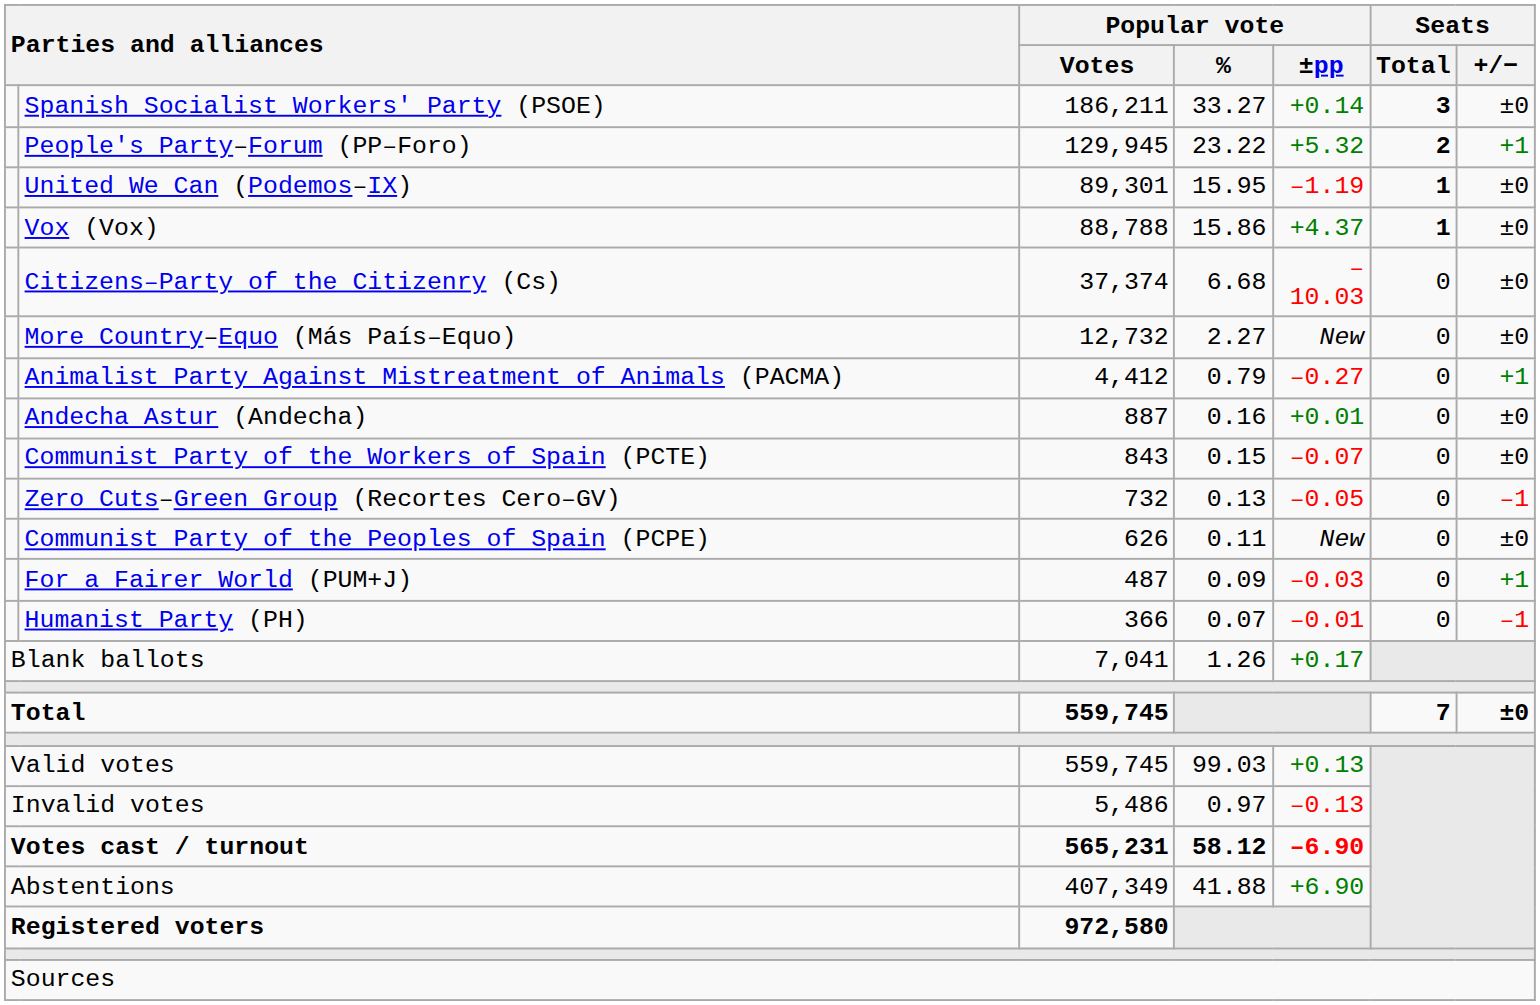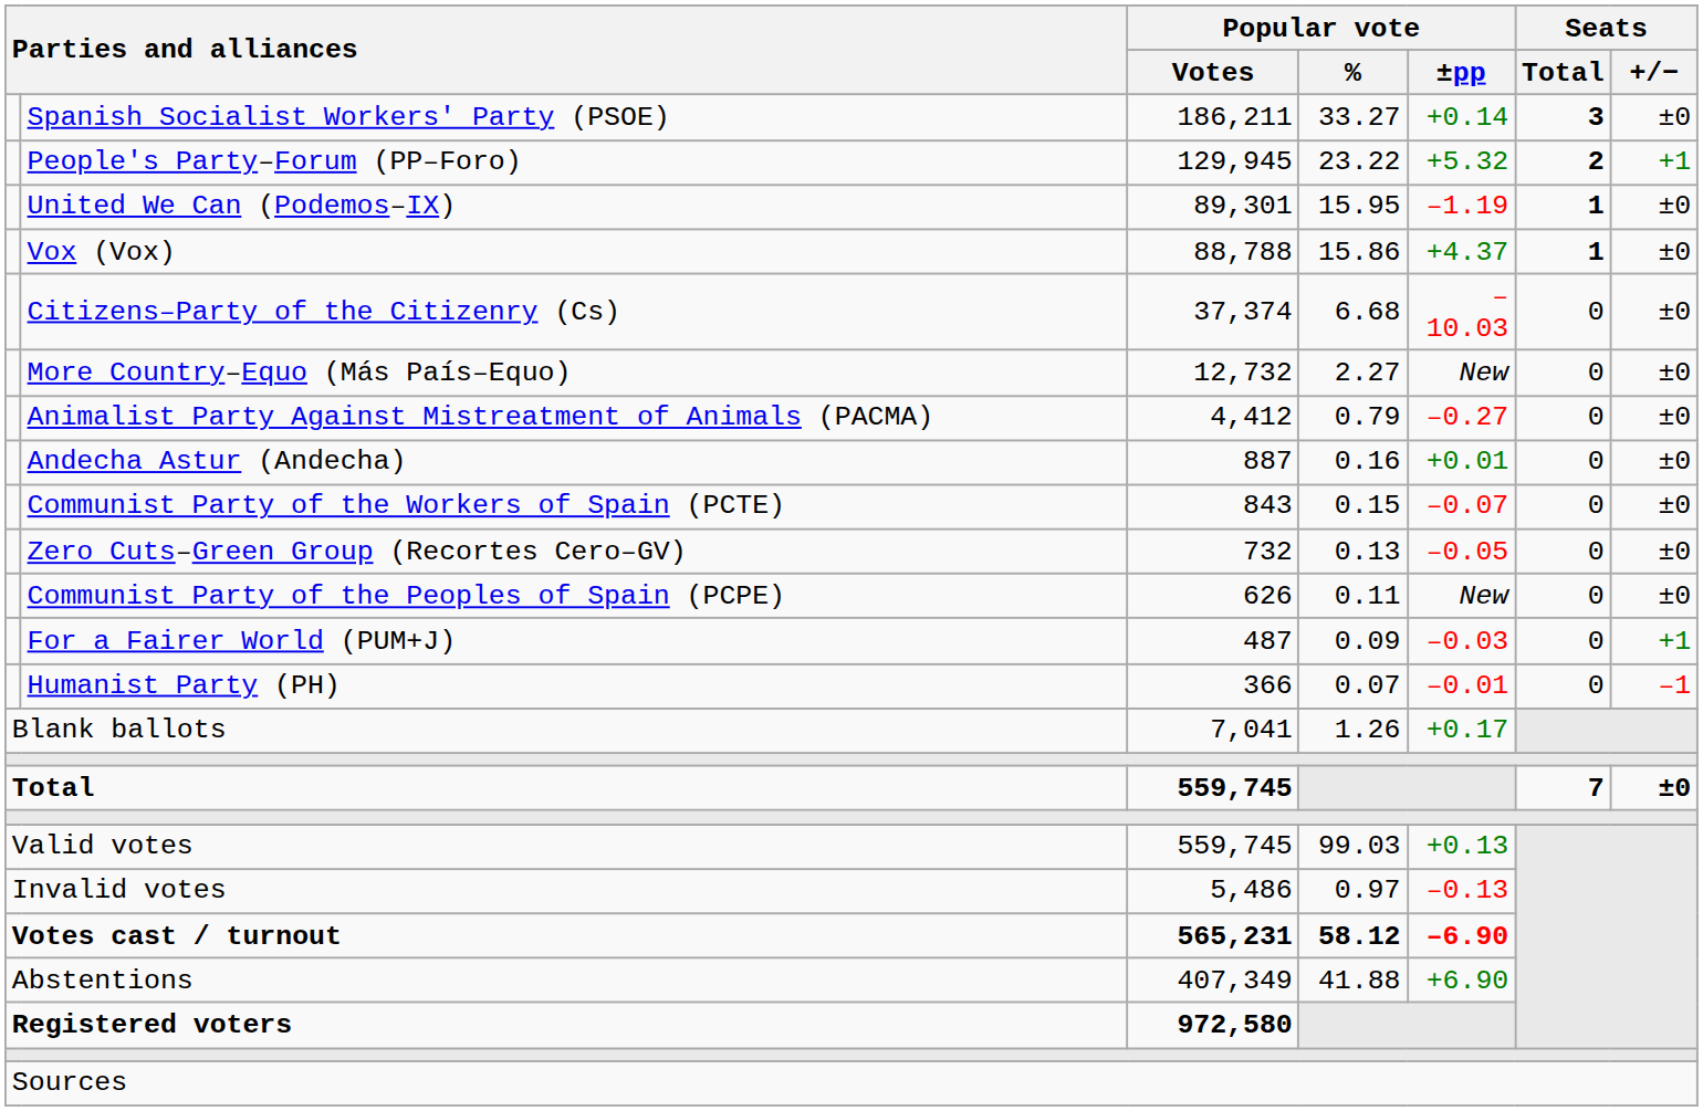 <table class="wikitable" style="text-align:right;">
 <tr>
 <th style="text-align:left;" rowspan="2" colspan="2" width="525">Parties and alliances</th>
 <th colspan="3">Popular vote</th>
 <th colspan="2">Seats</th>
 </tr>
 <tr>
 <th width="75">Votes</th>
 <th width="45">%</th>
 <th width="45">±<a href='#'>pp</a></th>
 <th width="35">Total</th>
 <th width="35">+/−</th>
 </tr>
 <tr>
 <td width="1" style="color:inherit;background:"></td>
 <td align="left"><a href='#'>Spanish Socialist Workers' Party</a> (PSOE)</td>
 <td>186,211</td>
 <td>33.27</td>
 <td style="color:green;">+0.14</td>
 <td><strong>3</strong></td>
 <td>±0</td>
 </tr>
 <tr>
 <td style="color:inherit;background:"></td>
 <td align="left"><a href='#'>People's Party</a>–<a href='#'>Forum</a> (PP–Foro)</td>
 <td>129,945</td>
 <td>23.22</td>
 <td style="color:green;">+5.32</td>
 <td><strong>2</strong></td>
 <td style="color:green;">+1</td>
 </tr>
 <tr>
 <td style="color:inherit;background:"></td>
 <td align="left"><a href='#'>United We Can</a> (<a href='#'>Podemos</a>–<a href='#'>IX</a>)</td>
 <td>89,301</td>
 <td>15.95</td>
 <td style="color:red;">–1.19</td>
 <td><strong>1</strong></td>
 <td>±0</td>
 </tr>
 <tr>
 <td style="color:inherit;background:"></td>
 <td align="left"><a href='#'>Vox</a> (Vox)</td>
 <td>88,788</td>
 <td>15.86</td>
 <td style="color:green;">+4.37</td>
 <td><strong>1</strong></td>
 <td>±0</td>
 </tr>
 <tr>
 <td style="color:inherit;background:"></td>
 <td align="left"><a href='#'>Citizens–Party of the Citizenry</a> (Cs)</td>
 <td>37,374</td>
 <td>6.68</td>
 <td style="color:red;">–10.03</td>
 <td>0</td>
 <td>±0</td>
 </tr>
 <tr>
 <td style="color:inherit;background:"></td>
 <td align="left"><a href='#'>More Country</a>–<a href='#'>Equo</a> (Más País–Equo)</td>
 <td>12,732</td>
 <td>2.27</td>
 <td><em>New</em></td>
 <td>0</td>
 <td>±0</td>
 </tr>
 <tr>
 <td style="color:inherit;background:"></td>
 <td align="left"><a href='#'>Animalist Party Against Mistreatment of Animals</a> (PACMA)</td>
 <td>4,412</td>
 <td>0.79</td>
 <td style="color:red;">–0.27</td>
 <td>0</td>
-<td style="color:green;">+1</td>
+<td>±0</td>
 </tr>
 <tr>
 <td style="color:inherit;background:"></td>
 <td align="left"><a href='#'>Andecha Astur</a> (Andecha)</td>
 <td>887</td>
 <td>0.16</td>
 <td style="color:green;">+0.01</td>
 <td>0</td>
 <td>±0</td>
 </tr>
 <tr>
 <td style="color:inherit;background:"></td>
 <td align="left"><a href='#'>Communist Party of the Workers of Spain</a> (PCTE)</td>
 <td>843</td>
 <td>0.15</td>
 <td style="color:red;">–0.07</td>
 <td>0</td>
 <td>±0</td>
 </tr>
 <tr>
 <td style="color:inherit;background:"></td>
 <td align="left"><a href='#'>Zero Cuts</a>–<a href='#'>Green Group</a> (Recortes Cero–GV)</td>
 <td>732</td>
 <td>0.13</td>
 <td style="color:red;">–0.05</td>
 <td>0</td>
-<td style="color:red;">–1</td>
+<td>±0</td>
 </tr>
 <tr>
 <td style="color:inherit;background:"></td>
 <td align="left"><a href='#'>Communist Party of the Peoples of Spain</a> (PCPE)</td>
 <td>626</td>
 <td>0.11</td>
 <td><em>New</em></td>
 <td>0</td>
 <td>±0</td>
 </tr>
 <tr>
 <td style="color:inherit;background:"></td>
 <td align="left"><a href='#'>For a Fairer World</a> (PUM+J)</td>
 <td>487</td>
 <td>0.09</td>
 <td style="color:red;">–0.03</td>
 <td>0</td>
 <td style="color:green;">+1</td>
 </tr>
 <tr>
 <td style="color:inherit;background:"></td>
 <td align="left"><a href='#'>Humanist Party</a> (PH)</td>
 <td>366</td>
 <td>0.07</td>
 <td style="color:red;">–0.01</td>
 <td>0</td>
 <td style="color:red;">–1</td>
 </tr>
 <tr>
 <td align="left" colspan="2">Blank ballots</td>
 <td>7,041</td>
 <td>1.26</td>
 <td style="color:green;">+0.17</td>
 <td bgcolor="#E9E9E9" colspan="2"></td>
 </tr>
 <tr>
 <td colspan="7" bgcolor="#E9E9E9"></td>
 </tr>
 <tr style="font-weight:bold;">
 <td align="left" colspan="2">Total</td>
 <td>559,745</td>
 <td bgcolor="#E9E9E9" colspan="2"></td>
 <td>7</td>
 <td>±0</td>
 </tr>
 <tr>
 <td colspan="7" bgcolor="#E9E9E9"></td>
 </tr>
 <tr>
 <td align="left" colspan="2">Valid votes</td>
 <td>559,745</td>
 <td>99.03</td>
 <td style="color:green;">+0.13</td>
 <td bgcolor="#E9E9E9" colspan="2" rowspan="5"></td>
 </tr>
 <tr>
 <td align="left" colspan="2">Invalid votes</td>
 <td>5,486</td>
 <td>0.97</td>
 <td style="color:red;">–0.13</td>
 </tr>
 <tr style="font-weight:bold;">
 <td align="left" colspan="2">Votes cast / turnout</td>
 <td>565,231</td>
 <td>58.12</td>
 <td style="color:red;">–6.90</td>
 </tr>
 <tr>
 <td align="left" colspan="2">Abstentions</td>
 <td>407,349</td>
 <td>41.88</td>
 <td style="color:green;">+6.90</td>
 </tr>
 <tr style="font-weight:bold;">
 <td align="left" colspan="2">Registered voters</td>
 <td>972,580</td>
 <td bgcolor="#E9E9E9" colspan="2"></td>
 </tr>
 <tr>
 <td colspan="7" bgcolor="#E9E9E9"></td>
 </tr>
 <tr>
 <td align="left" colspan="7">Sources</td>
 </tr>
 </table>
